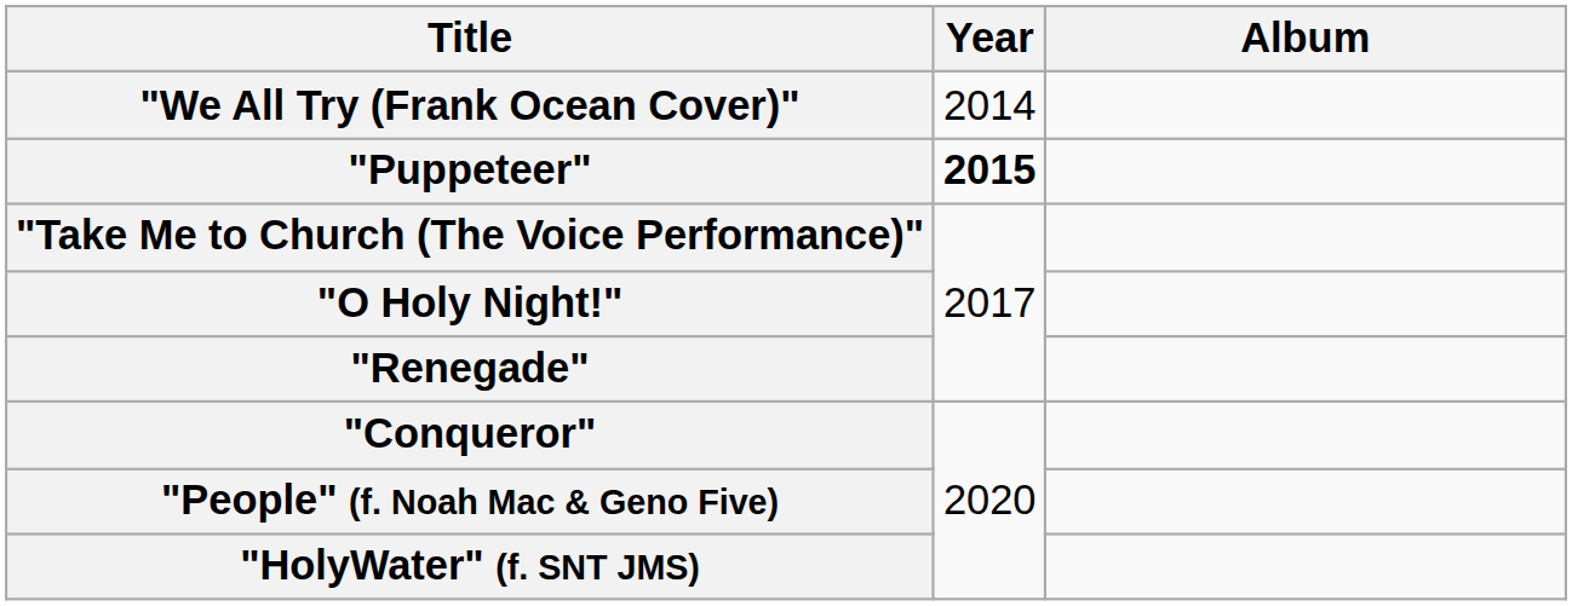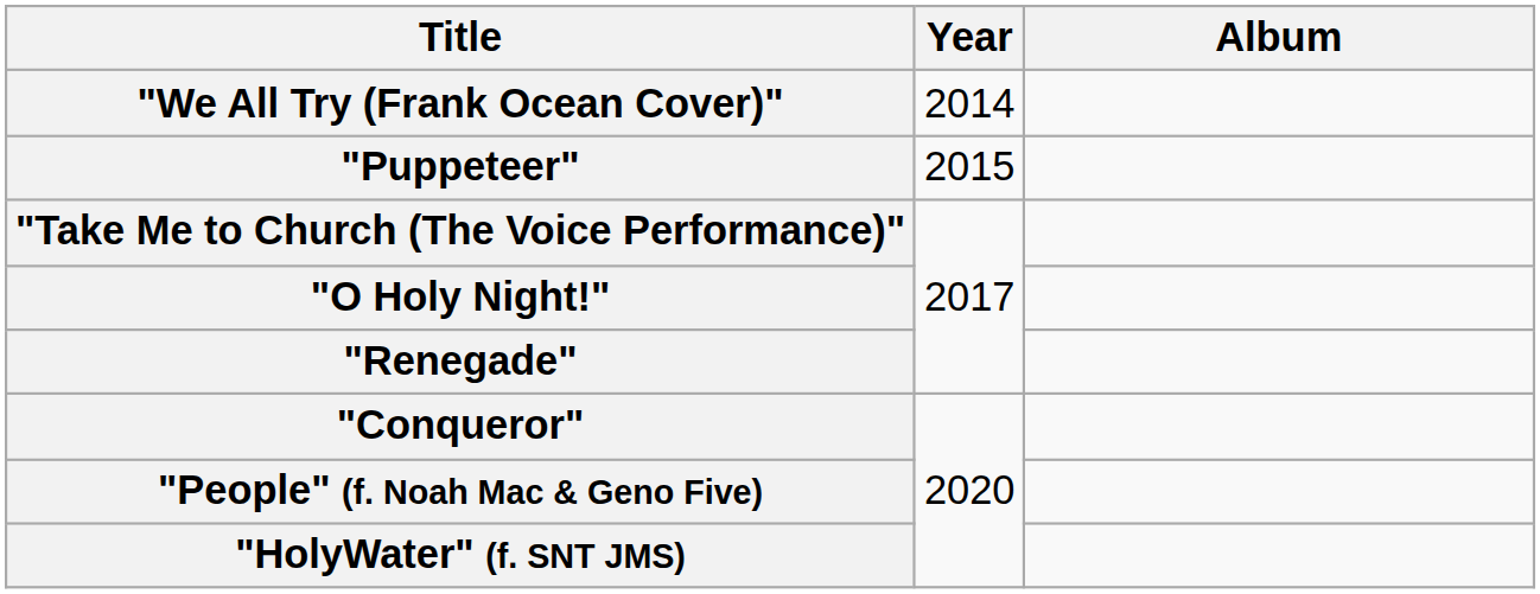 <table class="wikitable plainrowheaders" style="text-align:center;">
 <tr>
 <th scope="col">Title</th>
 <th scope="col">Year</th>
 <th scope="col" style="width:12em;">Album</th>
 </tr>
 <tr>
 <th scope="row">"We All Try (Frank Ocean Cover)"</th>
 <td>2014</td>
 <td></td>
 </tr>
 <tr>
 <th scope="row">"Puppeteer"</th>
-<td rowspan="1"><strong>2015</strong></td>
+<td rowspan="1">2015</td>
 <td></td>
 </tr>
 <tr>
 <th scope="row">"Take Me to Church (The Voice Performance)"</th>
 <td rowspan="3">2017</td>
 <td></td>
 </tr>
 <tr>
 <th scope="row">"O Holy Night!"</th>
 <td></td>
 </tr>
 <tr>
 <th scope="row">"Renegade"</th>
 <td></td>
 </tr>
 <tr>
 <th scope="row">"Conqueror"</th>
 <td rowspan="3">2020</td>
 <td></td>
 </tr>
 <tr>
 <th scope="row">"People"  <small>(f. Noah Mac & Geno Five)</small></th>
 <td></td>
 </tr>
 <tr>
 <th scope="row">"HolyWater" <small>(f. SNT JMS)</small></th>
 </tr>
 </table>
